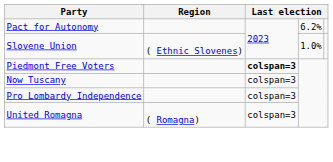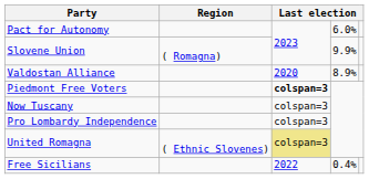 <table class="wikitable sortable">
 <tr>
 <th>Party</th>
 <th>Region</th>
 <th colspan=3>Last election</th>
 </tr>
 <tr>
 <td><a href='#'>Pact for Autonomy</a></td>
 <td></td>
 <td rowspan=2><a href='#'>2023</a></td>
-<td>6.2%</td>
+<td>6.0%</td>
 <td></td>
 </tr>
 <tr>
 <td><a href='#'>Slovene Union</a></td>
-<td><br>( <a href='#'>Ethnic Slovenes</a>)</td>
-<td>1.0%</td>
+<td><br>( <a href='#'>Romagna</a>)</td>
+<td>9.9%</td>
+<td></td>
+</tr>
+<tr>
+<td><a href='#'>Valdostan Alliance</a></td>
+<td></td>
+<td><a href='#'>2020</a></td>
+<td>8.9%<br></td>
 <td></td>
 </tr>
 <tr>
 <td><a href='#'>Piedmont Free Voters</a></td>
 <td></td>
 <td><strong>colspan=3 </strong></td>
 </tr>
 <tr>
 <td><a href='#'>Now Tuscany</a></td>
 <td></td>
 <td>colspan=3 </td>
 </tr>
 <tr>
 <td><a href='#'>Pro Lombardy Independence</a></td>
 <td></td>
 <td>colspan=3 </td>
 </tr>
 <tr>
 <td><a href='#'>United Romagna</a></td>
-<td><br>( <a href='#'>Romagna</a>)</td>
-<td>colspan=3 </td>
+<td><br>( <a href='#'>Ethnic Slovenes</a>)</td>
+<td style="background: khaki;">colspan=3 </td>
+</tr>
+<tr>
+<td><a href='#'>Free Sicilians</a></td>
+<td></td>
+<td><a href='#'>2022</a></td>
+<td>0.4%</td>
+<td></td>
 </tr>
 </table>
